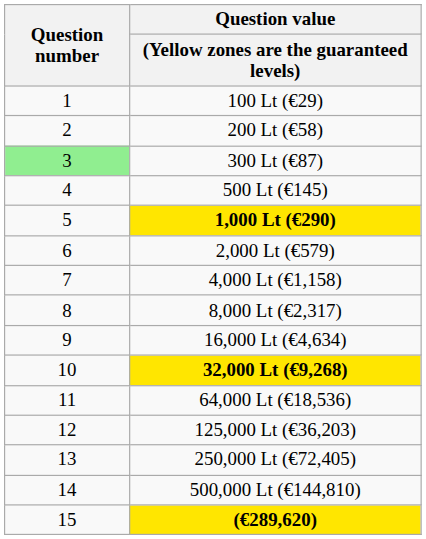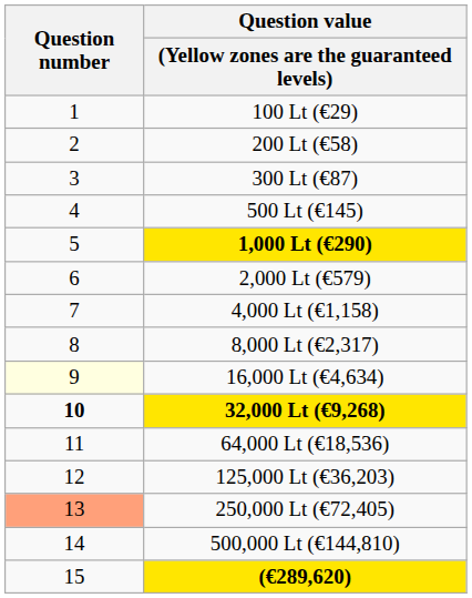 <table class="wikitable" style="text-align:center; border:1px;; cellpadding:2; cellspacing:0; width:28%;">
 <tr>
 <th rowspan="2" style="width: 30%">Question number</th>
 <th>Question value</th>
 </tr>
 <tr>
 <th style="width: 70%">(Yellow zones are the guaranteed levels)</th>
 </tr>
 <tr>
 <td>1</td>
 <td><span>100 Lt (€29)</span></td>
 </tr>
 <tr>
 <td>2</td>
 <td><span>200 Lt (€58)</span></td>
 </tr>
 <tr>
-<td style="background: lightgreen;">3</td>
+<td>3</td>
 <td><span>300 Lt (€87)</span></td>
 </tr>
 <tr>
 <td>4</td>
 <td><span>500 Lt (€145)</span></td>
 </tr>
 <tr>
 <td>5</td>
 <td style="background: #FFE600"><span><strong>1,000 Lt (€290)</strong></span></td>
 </tr>
 <tr>
 <td>6</td>
 <td><span>2,000 Lt (€579)</span></td>
 </tr>
 <tr>
 <td>7</td>
 <td><span>4,000 Lt (€1,158)</span></td>
 </tr>
 <tr>
 <td>8</td>
 <td><span>8,000 Lt (€2,317)</span></td>
 </tr>
 <tr>
-<td>9</td>
+<td style="background: lightyellow;">9</td>
 <td><span>16,000 Lt (€4,634)</span></td>
 </tr>
 <tr>
-<td>10</td>
+<td><strong>10</strong></td>
 <td style="background: #FFE600"><span><strong>32,000 Lt (€9,268)</strong></span></td>
 </tr>
 <tr>
 <td>11</td>
 <td><span>64,000 Lt (€18,536)</span></td>
 </tr>
 <tr>
 <td>12</td>
 <td><span>125,000 Lt (€36,203)</span></td>
 </tr>
 <tr>
-<td>13</td>
+<td style="background: lightsalmon;">13</td>
 <td><span>250,000 Lt (€72,405)</span></td>
 </tr>
 <tr>
 <td>14</td>
 <td><span>500,000 Lt (€144,810)</span></td>
 </tr>
 <tr>
 <td>15</td>
 <td style="background: #FFE600"><span><strong> (€289,620)</strong></span></td>
 </tr>
 </table>
